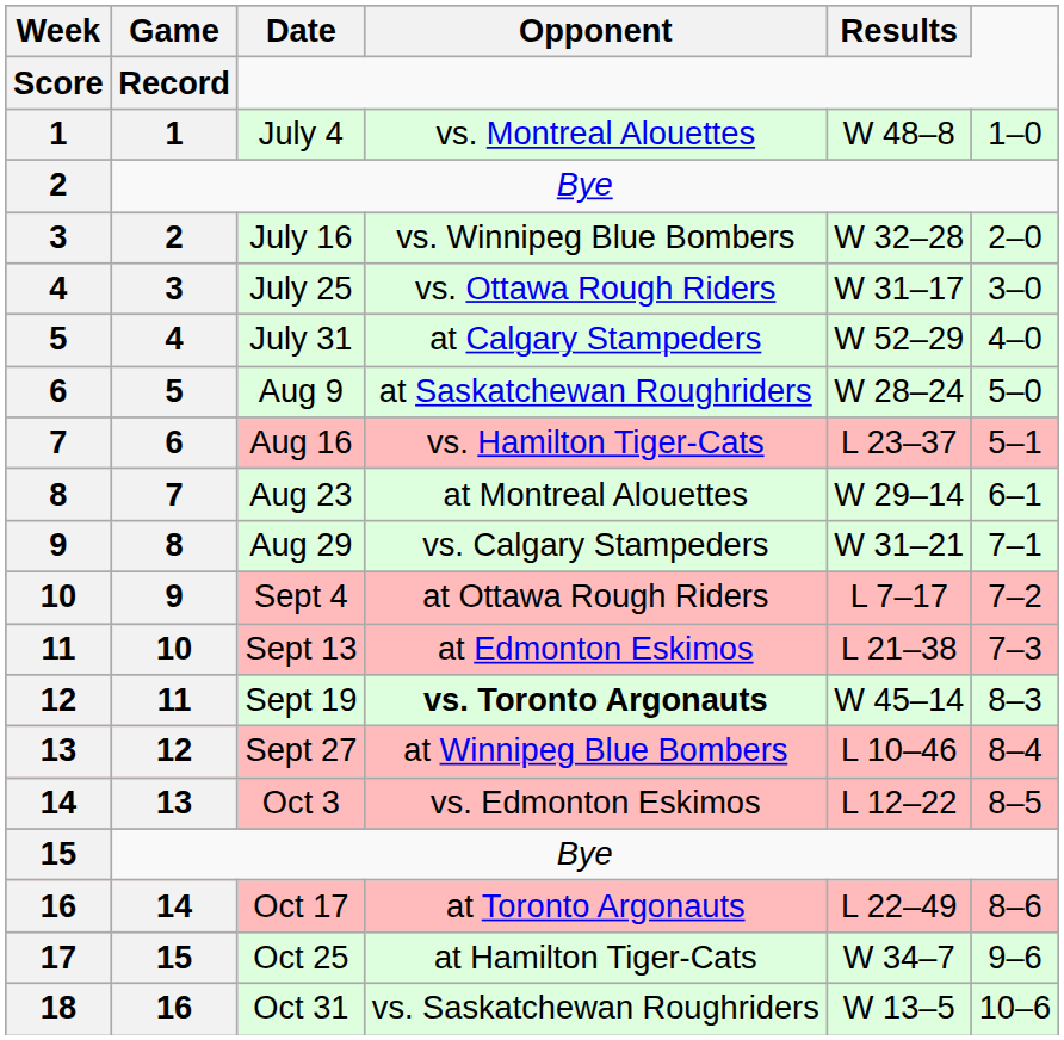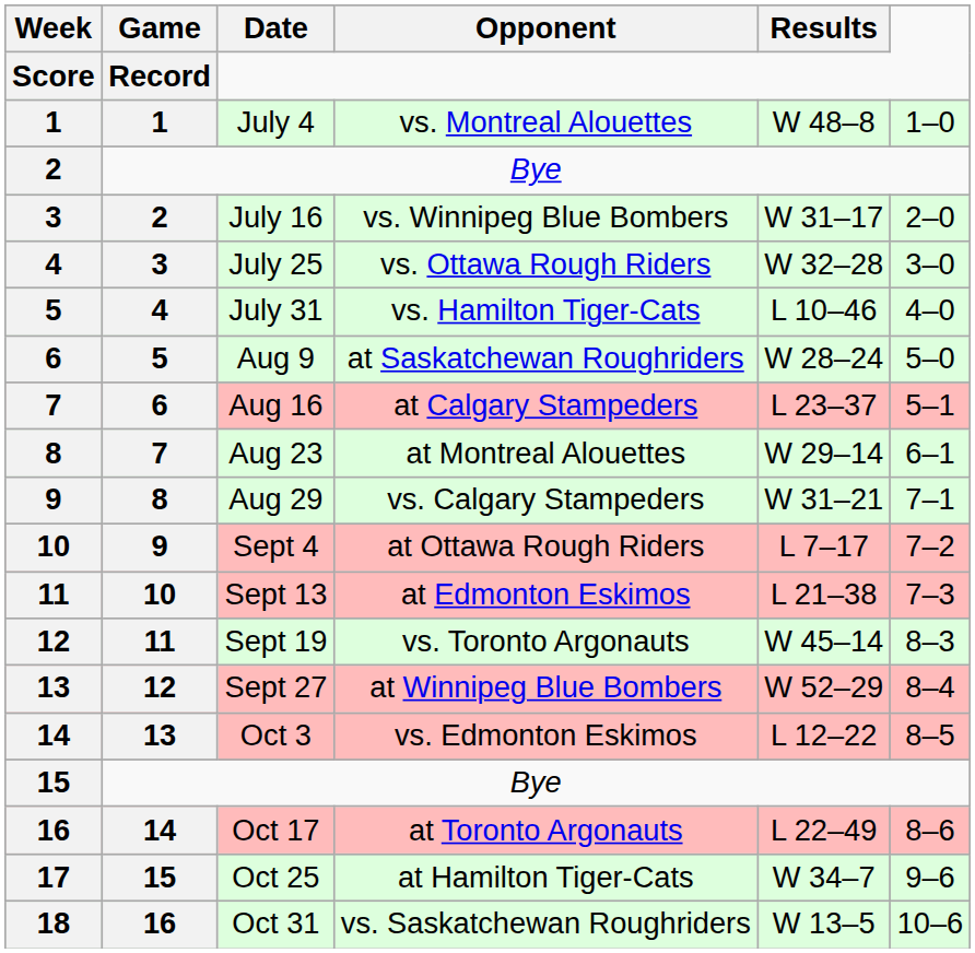 <table class="wikitable" style="text-align:center">
 <tr>
 <th>Week</th>
 <th>Game</th>
 <th>Date</th>
 <th>Opponent</th>
 <th>Results</th>
 </tr>
 <tr>
 <th>Score</th>
 <th>Record</th>
 </tr>
 <tr style="background:#ddffdd">
 <th>1</th>
 <th>1</th>
 <td>July 4</td>
 <td>vs. <a href='#'>Montreal Alouettes</a></td>
 <td>W 48–8</td>
 <td>1–0</td>
 </tr>
 <tr>
 <th>2</th>
 <td colspan=7><em><a href='#'>Bye</a></em></td>
 </tr>
 <tr style="background:#ddffdd">
 <th>3</th>
 <th>2</th>
 <td>July 16</td>
 <td>vs. Winnipeg Blue Bombers</td>
-<td>W 32–28</td>
+<td>W 31–17</td>
 <td>2–0</td>
 </tr>
 <tr style="background:#ddffdd">
 <th>4</th>
 <th>3</th>
 <td>July 25</td>
 <td>vs. <a href='#'>Ottawa Rough Riders</a></td>
-<td>W 31–17</td>
+<td>W 32–28</td>
 <td>3–0</td>
 </tr>
 <tr style="background:#ddffdd">
 <th>5</th>
 <th>4</th>
 <td>July 31</td>
-<td>at <a href='#'>Calgary Stampeders</a></td>
-<td>W 52–29</td>
+<td>vs. <a href='#'>Hamilton Tiger-Cats</a></td>
+<td>L 10–46</td>
 <td>4–0</td>
 </tr>
 <tr style="background:#ddffdd">
 <th>6</th>
 <th>5</th>
 <td>Aug 9</td>
 <td>at <a href='#'>Saskatchewan Roughriders</a></td>
 <td>W 28–24</td>
 <td>5–0</td>
 </tr>
 <tr style="background:#ffbbbb">
 <th>7</th>
 <th>6</th>
 <td>Aug 16</td>
-<td>vs. <a href='#'>Hamilton Tiger-Cats</a></td>
+<td>at <a href='#'>Calgary Stampeders</a></td>
 <td>L 23–37</td>
 <td>5–1</td>
 </tr>
 <tr style="background:#ddffdd">
 <th>8</th>
 <th>7</th>
 <td>Aug 23</td>
 <td>at Montreal Alouettes</td>
 <td>W 29–14</td>
 <td>6–1</td>
 </tr>
 <tr style="background:#ddffdd">
 <th>9</th>
 <th>8</th>
 <td>Aug 29</td>
 <td>vs. Calgary Stampeders</td>
 <td>W 31–21</td>
 <td>7–1</td>
 </tr>
 <tr style="background:#ffbbbb">
 <th>10</th>
 <th>9</th>
 <td>Sept 4</td>
 <td>at Ottawa Rough Riders</td>
 <td>L 7–17</td>
 <td>7–2</td>
 </tr>
 <tr style="background:#ffbbbb">
 <th>11</th>
 <th>10</th>
 <td>Sept 13</td>
 <td>at <a href='#'>Edmonton Eskimos</a></td>
 <td>L 21–38</td>
 <td>7–3</td>
 </tr>
 <tr style="background:#ddffdd">
 <th>12</th>
 <th>11</th>
 <td>Sept 19</td>
-<td><strong>vs. Toronto Argonauts</strong></td>
+<td>vs. Toronto Argonauts</td>
 <td>W 45–14</td>
 <td>8–3</td>
 </tr>
 <tr style="background:#ffbbbb">
 <th>13</th>
 <th>12</th>
 <td>Sept 27</td>
 <td>at <a href='#'>Winnipeg Blue Bombers</a></td>
-<td>L 10–46</td>
+<td>W 52–29</td>
 <td>8–4</td>
 </tr>
 <tr style="background:#ffbbbb">
 <th>14</th>
 <th>13</th>
 <td>Oct 3</td>
 <td>vs. Edmonton Eskimos</td>
 <td>L 12–22</td>
 <td>8–5</td>
 </tr>
 <tr>
 <th>15</th>
 <td colspan=7><em>Bye</em></td>
 </tr>
 <tr style="background:#ffbbbb">
 <th>16</th>
 <th>14</th>
 <td>Oct 17</td>
 <td>at <a href='#'>Toronto Argonauts</a></td>
 <td>L 22–49</td>
 <td>8–6</td>
 </tr>
 <tr style="background:#ddffdd">
 <th>17</th>
 <th>15</th>
 <td>Oct 25</td>
 <td>at Hamilton Tiger-Cats</td>
 <td>W 34–7</td>
 <td>9–6</td>
 </tr>
 <tr style="background:#ddffdd">
 <th>18</th>
 <th>16</th>
 <td>Oct 31</td>
 <td>vs. Saskatchewan Roughriders</td>
 <td>W 13–5</td>
 <td>10–6</td>
 </tr>
 </table>
